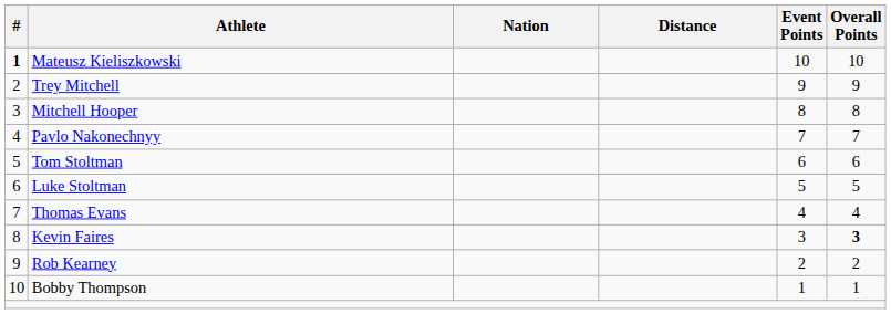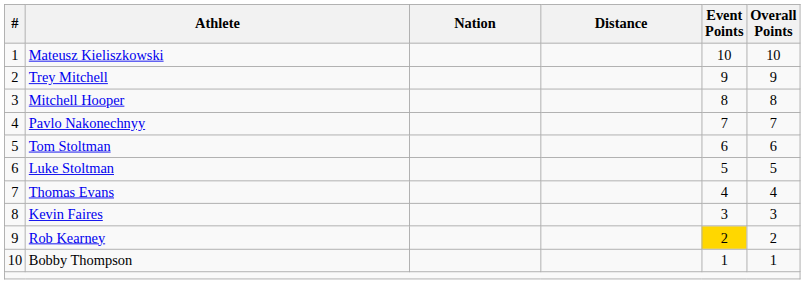 <table class="wikitable sortable" style="text-align:center;width: 70%;">
 <tr>
 <th scope="col" style="width: 10px;">#</th>
 <th scope="col">Athlete</th>
 <th scope="col">Nation</th>
 <th scope="col">Distance</th>
 <th scope="col" style="width: 10px;">Event Points</th>
 <th scope="col" style="width: 10px;">Overall Points</th>
 </tr>
 <tr>
-<td><strong>1</strong></td>
+<td>1</td>
 <td align=left><a href='#'>Mateusz Kieliszkowski</a></td>
 <td align=left></td>
 <td></td>
 <td>10</td>
 <td>10</td>
 </tr>
 <tr>
 <td>2</td>
 <td align=left><a href='#'>Trey Mitchell</a></td>
 <td align=left></td>
 <td></td>
 <td>9</td>
 <td>9</td>
 </tr>
 <tr>
 <td>3</td>
 <td align=left><a href='#'>Mitchell Hooper</a></td>
 <td align=left></td>
 <td></td>
 <td>8</td>
 <td>8</td>
 </tr>
 <tr>
 <td>4</td>
 <td align=left><a href='#'>Pavlo Nakonechnyy</a></td>
 <td align=left></td>
 <td></td>
 <td>7</td>
 <td>7</td>
 </tr>
 <tr>
 <td>5</td>
 <td align=left><a href='#'>Tom Stoltman</a></td>
 <td align=left></td>
 <td></td>
 <td>6</td>
 <td>6</td>
 </tr>
 <tr>
 <td>6</td>
 <td align=left><a href='#'>Luke Stoltman</a></td>
 <td align=left></td>
 <td></td>
 <td>5</td>
 <td>5</td>
 </tr>
 <tr>
 <td>7</td>
 <td align=left><a href='#'>Thomas Evans</a></td>
 <td align=left></td>
 <td></td>
 <td>4</td>
 <td>4</td>
 </tr>
 <tr>
 <td>8</td>
 <td align=left><a href='#'>Kevin Faires</a></td>
 <td align=left></td>
 <td></td>
 <td>3</td>
-<td><strong>3</strong></td>
+<td>3</td>
 </tr>
 <tr>
 <td>9</td>
 <td align=left><a href='#'>Rob Kearney</a></td>
 <td align=left></td>
 <td></td>
-<td>2</td>
+<td style="background: gold;">2</td>
 <td>2</td>
 </tr>
 <tr>
 <td>10</td>
 <td align=left>Bobby Thompson</td>
 <td align=left></td>
 <td></td>
 <td>1</td>
 <td>1</td>
 </tr>
 <tr class="sortbottom">
 <td colspan="6"></td>
 </tr>
 </table>
